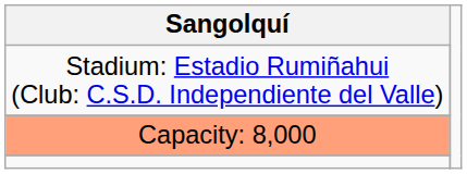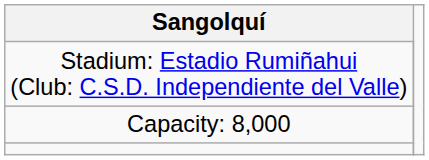 <table class="wikitable" style="text-align:center; margin: 1em auto">
 <tr>
 <th colspan="2">Sangolquí</th>
 <td rowspan=4></td>
 </tr>
 <tr>
 <td>Stadium: <a href='#'>Estadio Rumiñahui</a><br>(Club: <a href='#'>C.S.D. Independiente del Valle</a>)</td>
 </tr>
 <tr>
-<td style="background: lightsalmon;">Capacity: 8,000</td>
+<td>Capacity: 8,000</td>
 </tr>
 <tr>
 <td></td>
 </tr>
 </table>
